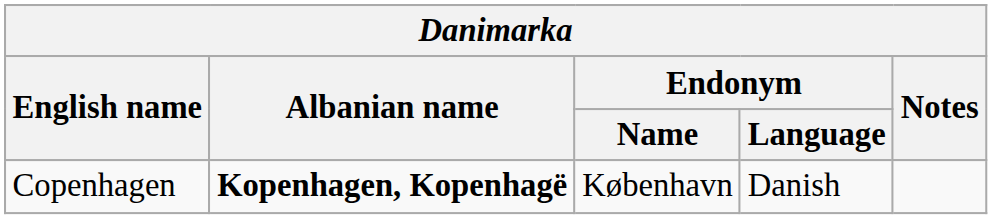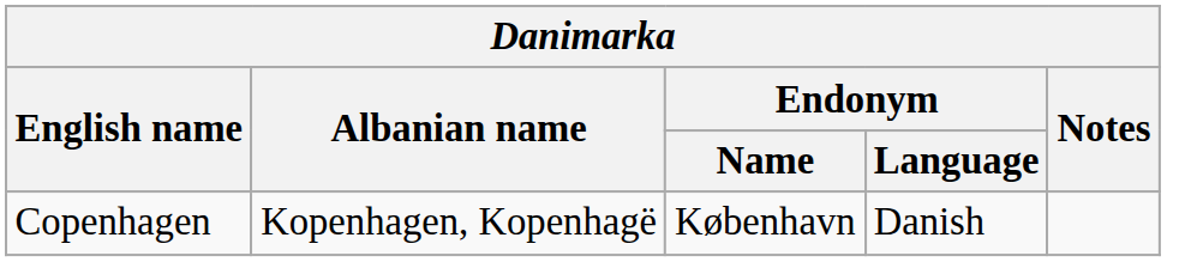 <table class="wikitable sortable">
 <tr>
 <th colspan="5"> <em>Danimarka</em></th>
 </tr>
 <tr>
 <th rowspan="2">English name</th>
 <th rowspan="2">Albanian name</th>
 <th colspan="2">Endonym</th>
 <th rowspan="2">Notes</th>
 </tr>
 <tr>
 <th>Name</th>
 <th>Language</th>
 </tr>
 <tr>
 <td>Copenhagen</td>
-<td><strong>Kopenhagen, Kopenhagë</strong></td>
+<td>Kopenhagen, Kopenhagë</td>
 <td>København</td>
 <td>Danish</td>
 <td></td>
 </tr>
 </table>
